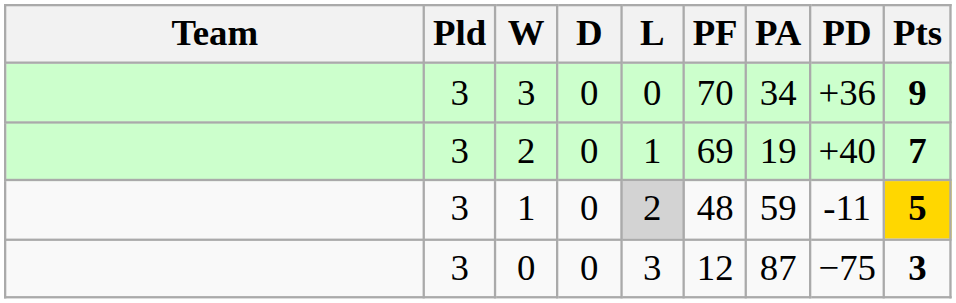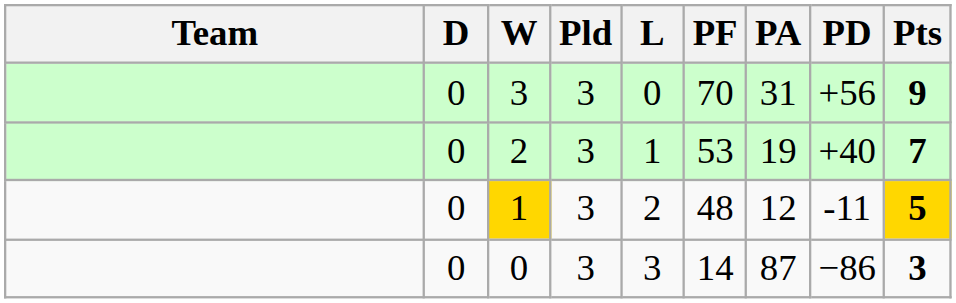 <table class="wikitable" style="text-align:center;">
 <tr>
 <th width=175>Team</th>
+<th width=20 abbr="Drawn">D</th>
+<th width=20 abbr="Won">W</th>
 <th width=20 abbr="Played">Pld</th>
-<th width=20 abbr="Won">W</th>
-<th width=20 abbr="Drawn">D</th>
 <th width=20 abbr="Lost">L</th>
 <th width=20 abbr="Points for">PF</th>
 <th width=20 abbr="Points against">PA</th>
 <th width=25 abbr="Points difference">PD</th>
 <th width=20 abbr="Points">Pts</th>
 </tr>
 <tr style="background:#ccffcc">
 <td align=left></td>
+<td>0</td>
 <td>3</td>
 <td>3</td>
 <td>0</td>
-<td>0</td>
 <td>70</td>
-<td>34</td>
-<td>+36</td>
+<td>31</td>
+<td>+56</td>
 <td><strong>9</strong></td>
 </tr>
 <tr style="background:#ccffcc">
 <td align=left></td>
+<td>0</td>
+<td>2</td>
 <td>3</td>
-<td>2</td>
-<td>0</td>
 <td>1</td>
-<td>69</td>
+<td>53</td>
 <td>19</td>
 <td>+40</td>
 <td><strong>7</strong></td>
 </tr>
 <tr>
 <td align=left></td>
+<td>0</td>
+<td style="background: gold;">1</td>
 <td>3</td>
-<td>1</td>
-<td>0</td>
-<td style="background: lightgrey;">2</td>
+<td>2</td>
 <td>48</td>
-<td>59</td>
+<td>12</td>
 <td>-11</td>
 <td style="background: gold;"><strong>5</strong></td>
 </tr>
 <tr>
 <td align=left></td>
-<td>3</td>
 <td>0</td>
 <td>0</td>
 <td>3</td>
-<td>12</td>
+<td>3</td>
+<td>14</td>
 <td>87</td>
-<td>−75</td>
+<td>−86</td>
 <td><strong>3</strong></td>
 </tr>
 </table>
